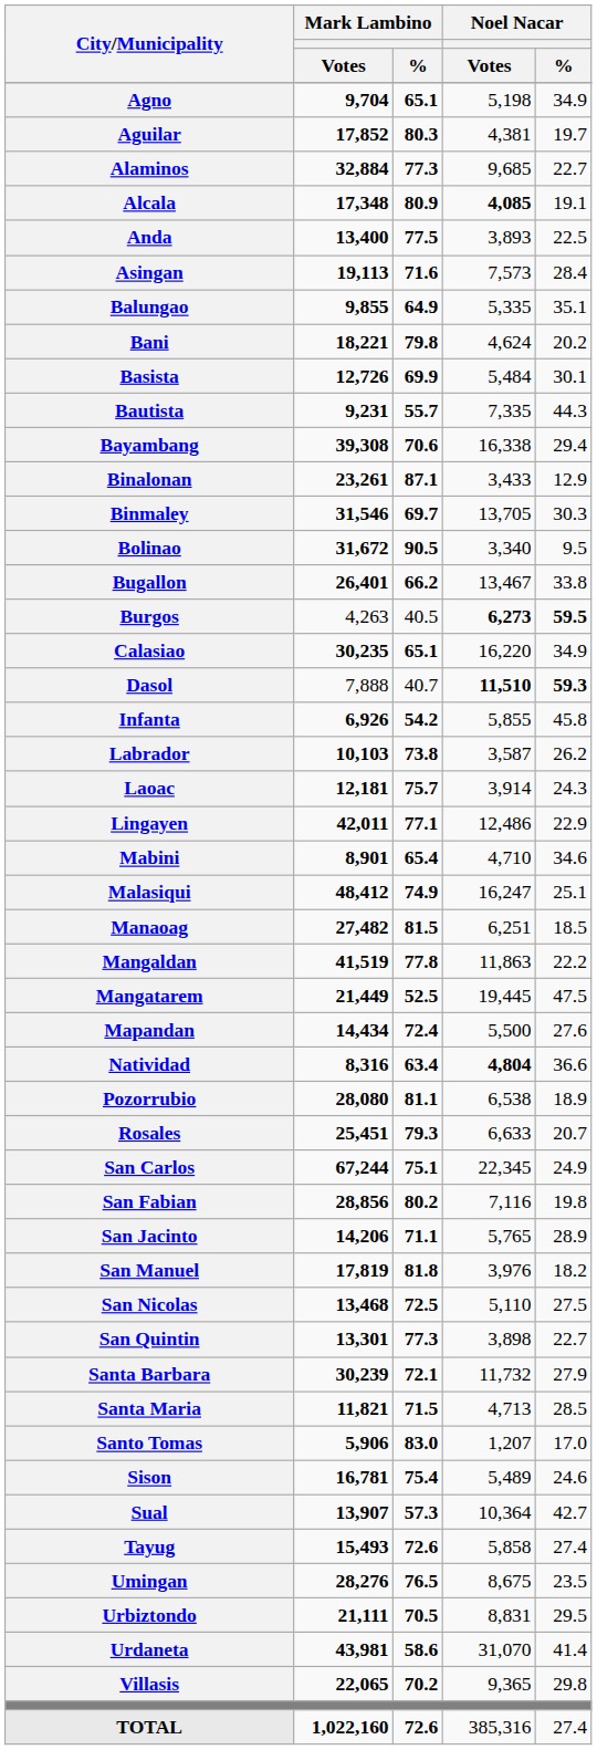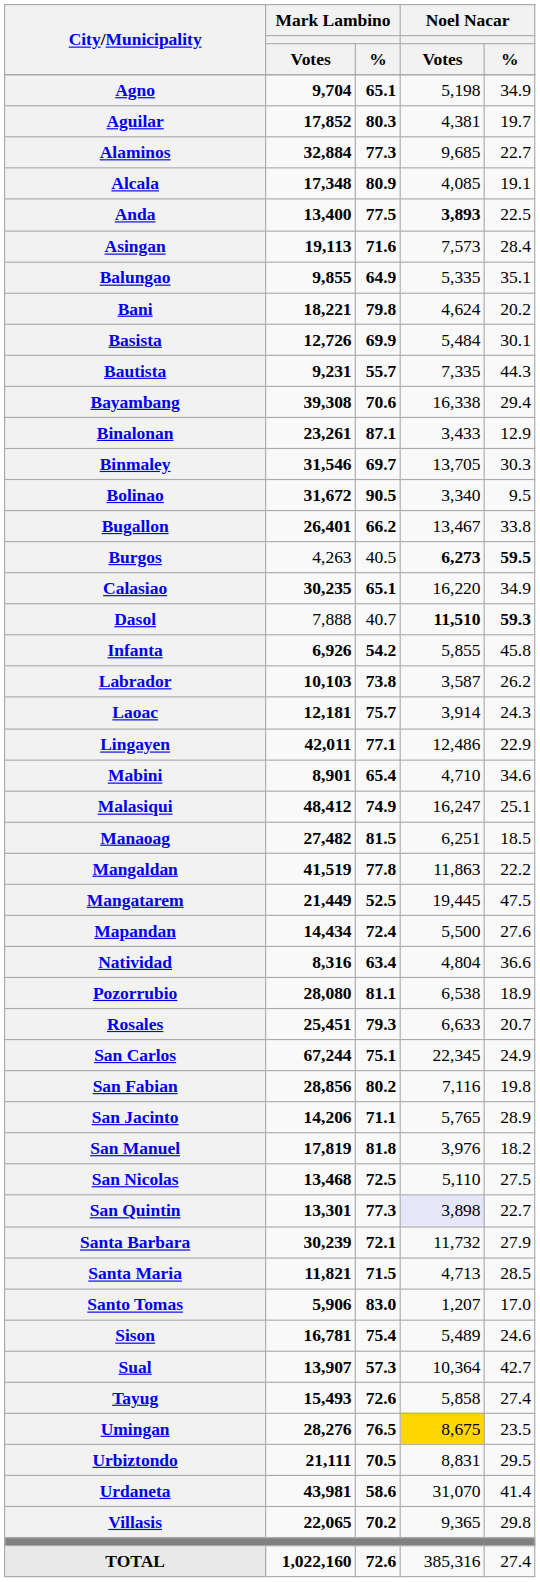 <table class="wikitable collapsible collapsed" style="text-align:right; font-size:95%; line-height:20px;">
 <tr>
 <th rowspan="3" width="220"><a href='#'>City</a>/<a href='#'>Municipality</a></th>
 <th colspan="2" width="110">Mark Lambino</th>
 <th colspan="2" width="110">Noel Nacar</th>
 </tr>
 <tr>
 <th colspan="2" style="background:"></th>
 <th colspan="2" style="background:"></th>
 </tr>
 <tr>
 <th>Votes</th>
 <th>%</th>
 <th>Votes</th>
 <th>%</th>
 </tr>
 <tr>
 </tr>
 <tr>
 <th scope="row"><a href='#'>Agno</a></th>
 <td style="background:"><strong>9,704</strong></td>
 <td style="background:"><strong>65.1</strong></td>
 <td>5,198</td>
 <td>34.9</td>
 </tr>
 <tr>
 <th scope="row"><a href='#'>Aguilar</a></th>
 <td style="background:"><strong>17,852</strong></td>
 <td style="background:"><strong>80.3 </strong></td>
 <td>4,381</td>
 <td>19.7</td>
 </tr>
 <tr>
 <th scope="row"><a href='#'>Alaminos</a></th>
 <td style="background:"><strong>32,884</strong></td>
 <td style="background:"><strong>77.3</strong></td>
 <td>9,685</td>
 <td>22.7</td>
 </tr>
 <tr>
 <th scope="row"><a href='#'>Alcala</a></th>
 <td style="background:"><strong>17,348</strong></td>
 <td style="background:"><strong>80.9</strong></td>
-<td><strong>4,085</strong></td>
+<td>4,085</td>
 <td>19.1</td>
 </tr>
 <tr>
 <th scope="row"><a href='#'>Anda</a></th>
 <td style="background:"><strong>13,400</strong></td>
 <td style="background:"><strong>77.5</strong></td>
-<td>3,893</td>
+<td><strong>3,893</strong></td>
 <td>22.5</td>
 </tr>
 <tr>
 <th scope="row"><a href='#'>Asingan</a></th>
 <td style="background:"><strong>19,113</strong></td>
 <td style="background:"><strong>71.6</strong></td>
 <td>7,573</td>
 <td>28.4</td>
 </tr>
 <tr>
 <th scope="row"><a href='#'>Balungao</a></th>
 <td style="background:"><strong>9,855</strong></td>
 <td style="background:"><strong>64.9</strong></td>
 <td>5,335</td>
 <td>35.1</td>
 </tr>
 <tr>
 <th scope="row"><a href='#'>Bani</a></th>
 <td style="background:"><strong>18,221</strong></td>
 <td style="background:"><strong>79.8</strong></td>
 <td>4,624</td>
 <td>20.2</td>
 </tr>
 <tr>
 <th scope="row"><a href='#'>Basista</a></th>
 <td style="background:"><strong>12,726</strong></td>
 <td style="background:"><strong>69.9</strong></td>
 <td>5,484</td>
 <td>30.1</td>
 </tr>
 <tr>
 <th scope="row"><a href='#'>Bautista</a></th>
 <td style="background:"><strong>9,231</strong></td>
 <td style="background:"><strong>55.7</strong></td>
 <td>7,335</td>
 <td>44.3</td>
 </tr>
 <tr>
 <th scope="row"><a href='#'>Bayambang</a></th>
 <td style="background:"><strong>39,308</strong></td>
 <td style="background:"><strong>70.6</strong></td>
 <td>16,338</td>
 <td>29.4</td>
 </tr>
 <tr>
 <th scope="row"><a href='#'>Binalonan</a></th>
 <td style="background:"><strong>23,261</strong></td>
 <td style="background:"><strong>87.1</strong></td>
 <td>3,433</td>
 <td>12.9</td>
 </tr>
 <tr>
 <th scope="row"><a href='#'>Binmaley</a></th>
 <td style="background:"><strong>31,546</strong></td>
 <td style="background:"><strong>69.7</strong></td>
 <td>13,705</td>
 <td>30.3</td>
 </tr>
 <tr>
 <th scope="row"><a href='#'>Bolinao</a></th>
 <td style="background:"><strong>31,672</strong></td>
 <td style="background:"><strong>90.5</strong></td>
 <td>3,340</td>
 <td>9.5</td>
 </tr>
 <tr>
 <th scope="row"><a href='#'>Bugallon</a></th>
 <td style="background:"><strong>26,401</strong></td>
 <td style="background:"><strong>66.2</strong></td>
 <td>13,467</td>
 <td>33.8</td>
 </tr>
 <tr>
 <th scope="row"><a href='#'>Burgos</a></th>
 <td>4,263</td>
 <td>40.5</td>
 <td style="background:"><strong>6,273</strong></td>
 <td style="background:"><strong>59.5</strong></td>
 </tr>
 <tr>
 <th scope="row"><a href='#'>Calasiao</a></th>
 <td style="background:"><strong>30,235</strong></td>
 <td style="background:"><strong>65.1</strong></td>
 <td>16,220</td>
 <td>34.9</td>
 </tr>
 <tr>
 <th scope="row"><a href='#'>Dasol</a></th>
 <td>7,888</td>
 <td>40.7</td>
 <td style="background:"><strong>11,510</strong></td>
 <td style="background:"><strong>59.3</strong></td>
 </tr>
 <tr>
 <th scope="row"><a href='#'>Infanta</a></th>
 <td style="background:"><strong>6,926</strong></td>
 <td style="background:"><strong>54.2</strong></td>
 <td>5,855</td>
 <td>45.8</td>
 </tr>
 <tr>
 <th scope="row"><a href='#'>Labrador</a></th>
 <td style="background:"><strong>10,103</strong></td>
 <td style="background:"><strong>73.8</strong></td>
 <td>3,587</td>
 <td>26.2</td>
 </tr>
 <tr>
 <th scope="row"><a href='#'>Laoac</a></th>
 <td style="background:"><strong>12,181</strong></td>
 <td style="background:"><strong>75.7</strong></td>
 <td>3,914</td>
 <td>24.3</td>
 </tr>
 <tr>
 <th scope="row"><a href='#'>Lingayen</a></th>
 <td style="background:"><strong>42,011</strong></td>
 <td style="background:"><strong>77.1</strong></td>
 <td>12,486</td>
 <td>22.9</td>
 </tr>
 <tr>
 <th scope="row"><a href='#'>Mabini</a></th>
 <td style="background:"><strong>8,901</strong></td>
 <td style="background:"><strong>65.4</strong></td>
 <td>4,710</td>
 <td>34.6</td>
 </tr>
 <tr>
 <th scope="row"><a href='#'>Malasiqui</a></th>
 <td style="background:"><strong>48,412</strong></td>
 <td style="background:"><strong>74.9</strong></td>
 <td>16,247</td>
 <td>25.1</td>
 </tr>
 <tr>
 <th scope="row"><a href='#'>Manaoag</a></th>
 <td style="background:"><strong>27,482</strong></td>
 <td style="background:"><strong>81.5</strong></td>
 <td>6,251</td>
 <td>18.5</td>
 </tr>
 <tr>
 <th scope="row"><a href='#'>Mangaldan</a></th>
 <td style="background:"><strong>41,519</strong></td>
 <td style="background:"><strong>77.8</strong></td>
 <td>11,863</td>
 <td>22.2</td>
 </tr>
 <tr>
 <th scope="row"><a href='#'>Mangatarem</a></th>
 <td style="background:"><strong>21,449</strong></td>
 <td style="background:"><strong>52.5</strong></td>
 <td>19,445</td>
 <td>47.5</td>
 </tr>
 <tr>
 <th scope="row"><a href='#'>Mapandan</a></th>
 <td style="background:"><strong>14,434</strong></td>
 <td style="background:"><strong>72.4</strong></td>
 <td>5,500</td>
 <td>27.6</td>
 </tr>
 <tr>
 <th scope="row"><a href='#'>Natividad</a></th>
 <td style="background:"><strong>8,316</strong></td>
 <td style="background:"><strong>63.4</strong></td>
-<td><strong>4,804</strong></td>
+<td>4,804</td>
 <td>36.6</td>
 </tr>
 <tr>
 <th scope="row"><a href='#'>Pozorrubio</a></th>
 <td style="background:"><strong>28,080</strong></td>
 <td style="background:"><strong>81.1</strong></td>
 <td>6,538</td>
 <td>18.9</td>
 </tr>
 <tr>
 <th scope="row"><a href='#'>Rosales</a></th>
 <td style="background:"><strong>25,451</strong></td>
 <td style="background:"><strong>79.3</strong></td>
 <td>6,633</td>
 <td>20.7</td>
 </tr>
 <tr>
 <th scope="row"><a href='#'>San Carlos</a></th>
 <td style="background:"><strong>67,244</strong></td>
 <td style="background:"><strong>75.1</strong></td>
 <td>22,345</td>
 <td>24.9</td>
 </tr>
 <tr>
 <th scope="row"><a href='#'>San Fabian</a></th>
 <td style="background:"><strong>28,856</strong></td>
 <td style="background:"><strong>80.2</strong></td>
 <td>7,116</td>
 <td>19.8</td>
 </tr>
 <tr>
 <th scope="row"><a href='#'>San Jacinto</a></th>
 <td style="background:"><strong>14,206</strong></td>
 <td style="background:"><strong>71.1</strong></td>
 <td>5,765</td>
 <td>28.9</td>
 </tr>
 <tr>
 <th scope="row"><a href='#'>San Manuel</a></th>
 <td style="background:"><strong>17,819</strong></td>
 <td style="background:"><strong>81.8</strong></td>
 <td>3,976</td>
 <td>18.2</td>
 </tr>
 <tr>
 <th scope="row"><a href='#'>San Nicolas</a></th>
 <td style="background:"><strong>13,468</strong></td>
 <td style="background:"><strong>72.5</strong></td>
 <td>5,110</td>
 <td>27.5</td>
 </tr>
 <tr>
 <th scope="row"><a href='#'>San Quintin</a></th>
 <td style="background:"><strong>13,301</strong></td>
 <td style="background:"><strong>77.3</strong></td>
-<td>3,898</td>
+<td style="background: lavender;">3,898</td>
 <td>22.7</td>
 </tr>
 <tr>
 <th scope="row"><a href='#'>Santa Barbara</a></th>
 <td style="background:"><strong>30,239</strong></td>
 <td style="background:"><strong>72.1</strong></td>
 <td>11,732</td>
 <td>27.9</td>
 </tr>
 <tr>
 <th scope="row"><a href='#'>Santa Maria</a></th>
 <td style="background:"><strong>11,821</strong></td>
 <td style="background:"><strong>71.5</strong></td>
 <td>4,713</td>
 <td>28.5</td>
 </tr>
 <tr>
 <th scope="row"><a href='#'>Santo Tomas</a></th>
 <td style="background:"><strong>5,906</strong></td>
 <td style="background:"><strong>83.0</strong></td>
 <td>1,207</td>
 <td>17.0</td>
 </tr>
 <tr>
 <th scope="row"><a href='#'>Sison</a></th>
 <td style="background:"><strong>16,781</strong></td>
 <td style="background:"><strong>75.4</strong></td>
 <td>5,489</td>
 <td>24.6</td>
 </tr>
 <tr>
 <th scope="row"><a href='#'>Sual</a></th>
 <td style="background:"><strong>13,907</strong></td>
 <td style="background:"><strong>57.3</strong></td>
 <td>10,364</td>
 <td>42.7</td>
 </tr>
 <tr>
 <th scope="row"><a href='#'>Tayug</a></th>
 <td style="background:"><strong>15,493</strong></td>
 <td style="background:"><strong>72.6</strong></td>
 <td>5,858</td>
 <td>27.4</td>
 </tr>
 <tr>
 <th scope="row"><a href='#'>Umingan</a></th>
 <td style="background:"><strong>28,276</strong></td>
 <td style="background:"><strong>76.5</strong></td>
-<td>8,675</td>
+<td style="background: gold;">8,675</td>
 <td>23.5</td>
 </tr>
 <tr>
 <th scope="row"><a href='#'>Urbiztondo</a></th>
 <td style="background:"><strong>21,111</strong></td>
 <td style="background:"><strong>70.5</strong></td>
 <td>8,831</td>
 <td>29.5</td>
 </tr>
 <tr>
 <th scope="row"><a href='#'>Urdaneta</a></th>
 <td style="background:"><strong>43,981</strong></td>
 <td style="background:"><strong>58.6</strong></td>
 <td>31,070</td>
 <td>41.4</td>
 </tr>
 <tr>
 <th scope="row"><a href='#'>Villasis</a></th>
 <td style="background:"><strong>22,065</strong></td>
 <td style="background:"><strong>70.2</strong></td>
 <td>9,365</td>
 <td>29.8</td>
 </tr>
 <tr>
 <td colspan=11 bgcolor=Grey></td>
 </tr>
 <tr>
 <td style="background:#E9E9E9;" align="center"><strong>TOTAL</strong></td>
 <td style="background:"><strong>1,022,160</strong></td>
 <td style="background:"><strong>72.6</strong></td>
 <td>385,316</td>
 <td>27.4</td>
 </tr>
 </table>
